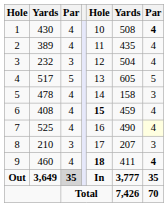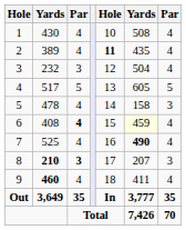 <table class="wikitable" style="text-align:center; font-size:100%;">
 <tr>
 <th>Hole</th>
 <th>Yards</th>
 <th>Par</th>
 <th></th>
 <th>Hole</th>
 <th>Yards</th>
 <th>Par</th>
 </tr>
 <tr>
 <td>1</td>
 <td>430</td>
 <td>4</td>
 <td rowspan=10 style="background:#E6E8FA;"></td>
 <td>10</td>
 <td>508</td>
-<td><strong>4</strong></td>
+<td>4</td>
 </tr>
 <tr>
 <td>2</td>
 <td>389</td>
 <td>4</td>
-<td>11</td>
+<td><strong>11</strong></td>
 <td>435</td>
 <td>4</td>
 </tr>
 <tr>
 <td>3</td>
 <td>232</td>
 <td>3</td>
 <td>12</td>
 <td>504</td>
 <td>4</td>
 </tr>
 <tr>
 <td>4</td>
 <td>517</td>
 <td>5</td>
 <td>13</td>
 <td>605</td>
 <td>5</td>
 </tr>
 <tr>
 <td>5</td>
 <td>478</td>
 <td>4</td>
 <td>14</td>
 <td>158</td>
 <td>3</td>
 </tr>
 <tr>
 <td>6</td>
 <td>408</td>
-<td>4</td>
-<td><strong>15</strong></td>
-<td>459</td>
+<td><strong>4</strong></td>
+<td>15</td>
+<td style="background: lightyellow;">459</td>
 <td>4</td>
 </tr>
 <tr>
 <td>7</td>
 <td>525</td>
 <td>4</td>
 <td>16</td>
-<td>490</td>
-<td style="background: lightyellow;">4</td>
+<td><strong>490</strong></td>
+<td>4</td>
 </tr>
 <tr>
 <td>8</td>
-<td>210</td>
-<td>3</td>
+<td><strong>210</strong></td>
+<td><strong>3</strong></td>
 <td>17</td>
 <td>207</td>
 <td>3</td>
 </tr>
 <tr>
 <td>9</td>
-<td>460</td>
+<td><strong>460</strong></td>
 <td>4</td>
-<td><strong>18</strong></td>
+<td>18</td>
 <td>411</td>
-<td><strong>4</strong></td>
+<td>4</td>
 </tr>
 <tr>
 <td><strong>Out</strong></td>
 <td><strong>3,649</strong></td>
-<td style="background: lightgrey;"><strong>35</strong></td>
+<td><strong>35</strong></td>
 <td><strong>In</strong></td>
 <td><strong>3,777</strong></td>
 <td><strong>35</strong></td>
 </tr>
 <tr>
 <td colspan=2 align=left></td>
 <td colspan=3><strong>Total</strong></td>
 <td><strong>7,426</strong></td>
 <td><strong>70</strong></td>
 </tr>
 </table>
